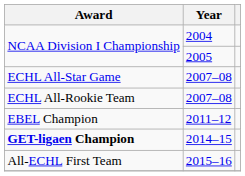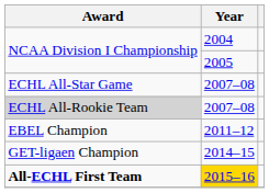 <table class="wikitable">
 <tr>
 <th>Award</th>
 <th>Year</th>
 <th></th>
 </tr>
 <tr>
 <td rowspan=2><a href='#'>NCAA Division I Championship</a></td>
 <td><a href='#'>2004</a></td>
 <td></td>
 </tr>
 <tr>
 <td><a href='#'>2005</a></td>
 <td></td>
 </tr>
 <tr>
 <td><a href='#'>ECHL All-Star Game</a></td>
 <td><a href='#'>2007–08</a></td>
 <td></td>
 </tr>
 <tr>
-<td><a href='#'>ECHL</a> All-Rookie Team</td>
+<td style="background: lightgrey;"><a href='#'>ECHL</a> All-Rookie Team</td>
 <td><a href='#'>2007–08</a></td>
 <td></td>
 </tr>
 <tr>
 <td><a href='#'>EBEL</a> Champion</td>
 <td><a href='#'>2011–12</a></td>
 <td></td>
 </tr>
 <tr>
-<td><strong><a href='#'>GET-ligaen</a> Champion</strong></td>
+<td><a href='#'>GET-ligaen</a> Champion</td>
 <td><a href='#'>2014–15</a></td>
 <td></td>
 </tr>
 <tr>
-<td>All-<a href='#'>ECHL</a> First Team</td>
-<td><a href='#'>2015–16</a></td>
+<td><strong>All-<a href='#'>ECHL</a> First Team</strong></td>
+<td style="background: gold;"><a href='#'>2015–16</a></td>
 <td></td>
 </tr>
 <tr>
 </tr>
 </table>
